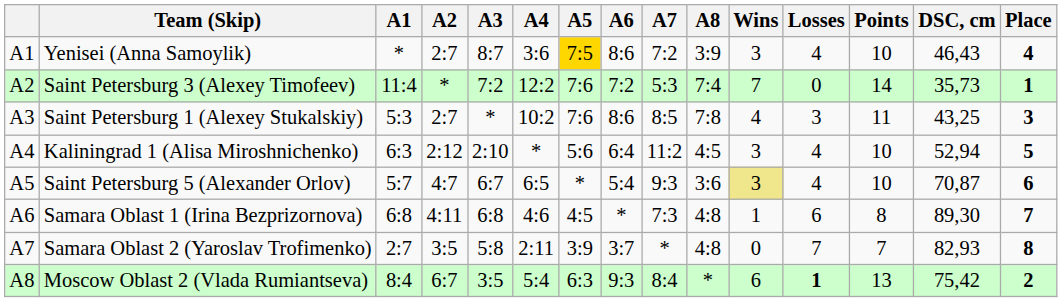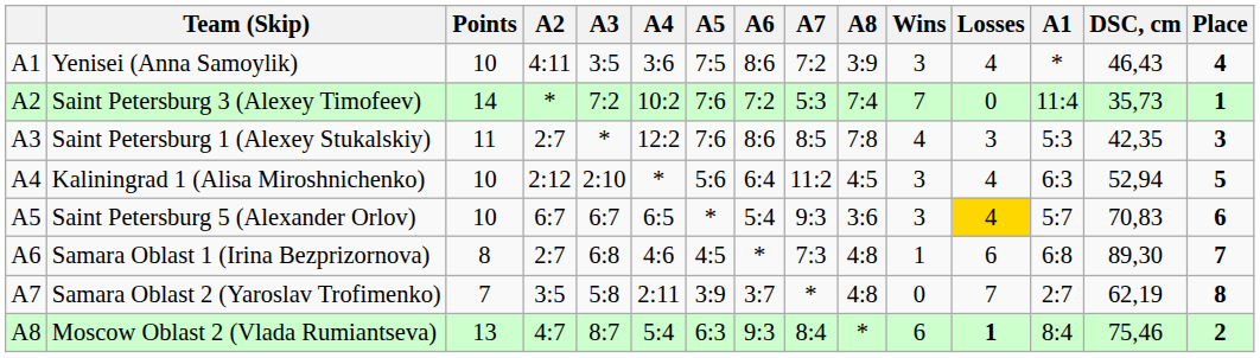 <table class="wikitable" style="text-align:center;">
 <tr>
 <th></th>
 <th>Team (Skip)</th>
-<th width="25">A1</th>
+<th>Points</th>
 <th width="25">A2</th>
 <th width="25">A3</th>
 <th width="25">A4</th>
 <th width="25">A5</th>
 <th width="25">A6</th>
 <th width="25">A7</th>
 <th width="25">A8</th>
 <th>Wins</th>
 <th>Losses</th>
-<th>Points</th>
+<th width="25">A1</th>
 <th>DSC, cm</th>
 <th>Place</th>
 </tr>
 <tr>
 <td>A1</td>
 <td align=left>Yenisei (Anna Samoylik)</td>
-<td>*</td>
-<td>2:7</td>
-<td>8:7</td>
+<td>10</td>
+<td>4:11</td>
+<td>3:5</td>
 <td>3:6</td>
-<td style="background: gold;">7:5</td>
+<td>7:5</td>
 <td>8:6</td>
 <td>7:2</td>
 <td>3:9</td>
 <td>3</td>
 <td>4</td>
-<td>10</td>
+<td>*</td>
 <td>46,43</td>
 <td><strong>4</strong></td>
 </tr>
 <tr bgcolor=#cfc>
 <td>A2</td>
 <td align=left>Saint Petersburg 3 (Alexey Timofeev)</td>
-<td>11:4</td>
+<td>14</td>
 <td>*</td>
 <td>7:2</td>
-<td>12:2</td>
+<td>10:2</td>
 <td>7:6</td>
 <td>7:2</td>
 <td>5:3</td>
 <td>7:4</td>
 <td>7</td>
 <td>0</td>
-<td>14</td>
+<td>11:4</td>
 <td>35,73</td>
 <td><strong>1</strong></td>
 </tr>
 <tr>
 <td>A3</td>
 <td align=left>Saint Petersburg 1 (Alexey Stukalskiy)</td>
-<td>5:3</td>
+<td>11</td>
 <td>2:7</td>
 <td>*</td>
-<td>10:2</td>
+<td>12:2</td>
 <td>7:6</td>
 <td>8:6</td>
 <td>8:5</td>
 <td>7:8</td>
 <td>4</td>
 <td>3</td>
-<td>11</td>
-<td>43,25</td>
+<td>5:3</td>
+<td>42,35</td>
 <td><strong>3</strong></td>
 </tr>
 <tr>
 <td>A4</td>
 <td align=left>Kaliningrad 1 (Alisa Miroshnichenko)</td>
-<td>6:3</td>
+<td>10</td>
 <td>2:12</td>
 <td>2:10</td>
 <td>*</td>
 <td>5:6</td>
 <td>6:4</td>
 <td>11:2</td>
 <td>4:5</td>
 <td>3</td>
 <td>4</td>
-<td>10</td>
+<td>6:3</td>
 <td>52,94</td>
 <td><strong>5</strong></td>
 </tr>
 <tr>
 <td>A5</td>
 <td align=left>Saint Petersburg 5 (Alexander Orlov)</td>
-<td>5:7</td>
-<td>4:7</td>
+<td>10</td>
+<td>6:7</td>
 <td>6:7</td>
 <td>6:5</td>
 <td>*</td>
 <td>5:4</td>
 <td>9:3</td>
 <td>3:6</td>
-<td style="background: khaki;">3</td>
-<td>4</td>
-<td>10</td>
-<td>70,87</td>
+<td>3</td>
+<td style="background: gold;">4</td>
+<td>5:7</td>
+<td>70,83</td>
 <td><strong>6</strong></td>
 </tr>
 <tr>
 <td>A6</td>
 <td align=left>Samara Oblast 1 (Irina Bezprizornova)</td>
-<td>6:8</td>
-<td>4:11</td>
+<td>8</td>
+<td>2:7</td>
 <td>6:8</td>
 <td>4:6</td>
 <td>4:5</td>
 <td>*</td>
 <td>7:3</td>
 <td>4:8</td>
 <td>1</td>
 <td>6</td>
-<td>8</td>
+<td>6:8</td>
 <td>89,30</td>
 <td><strong>7</strong></td>
 </tr>
 <tr>
 <td>A7</td>
 <td align=left>Samara Oblast 2 (Yaroslav Trofimenko)</td>
-<td>2:7</td>
+<td>7</td>
 <td>3:5</td>
 <td>5:8</td>
 <td>2:11</td>
 <td>3:9</td>
 <td>3:7</td>
 <td>*</td>
 <td>4:8</td>
 <td>0</td>
 <td>7</td>
-<td>7</td>
-<td>82,93</td>
+<td>2:7</td>
+<td>62,19</td>
 <td><strong>8</strong></td>
 </tr>
 <tr bgcolor=#cfc>
 <td>A8</td>
 <td align=left>Moscow Oblast 2 (Vlada Rumiantseva)</td>
-<td>8:4</td>
-<td>6:7</td>
-<td>3:5</td>
+<td>13</td>
+<td>4:7</td>
+<td>8:7</td>
 <td>5:4</td>
 <td>6:3</td>
 <td>9:3</td>
 <td>8:4</td>
 <td>*</td>
 <td>6</td>
 <td><strong>1</strong></td>
-<td>13</td>
-<td>75,42</td>
+<td>8:4</td>
+<td>75,46</td>
 <td><strong>2</strong></td>
 </tr>
 </table>
